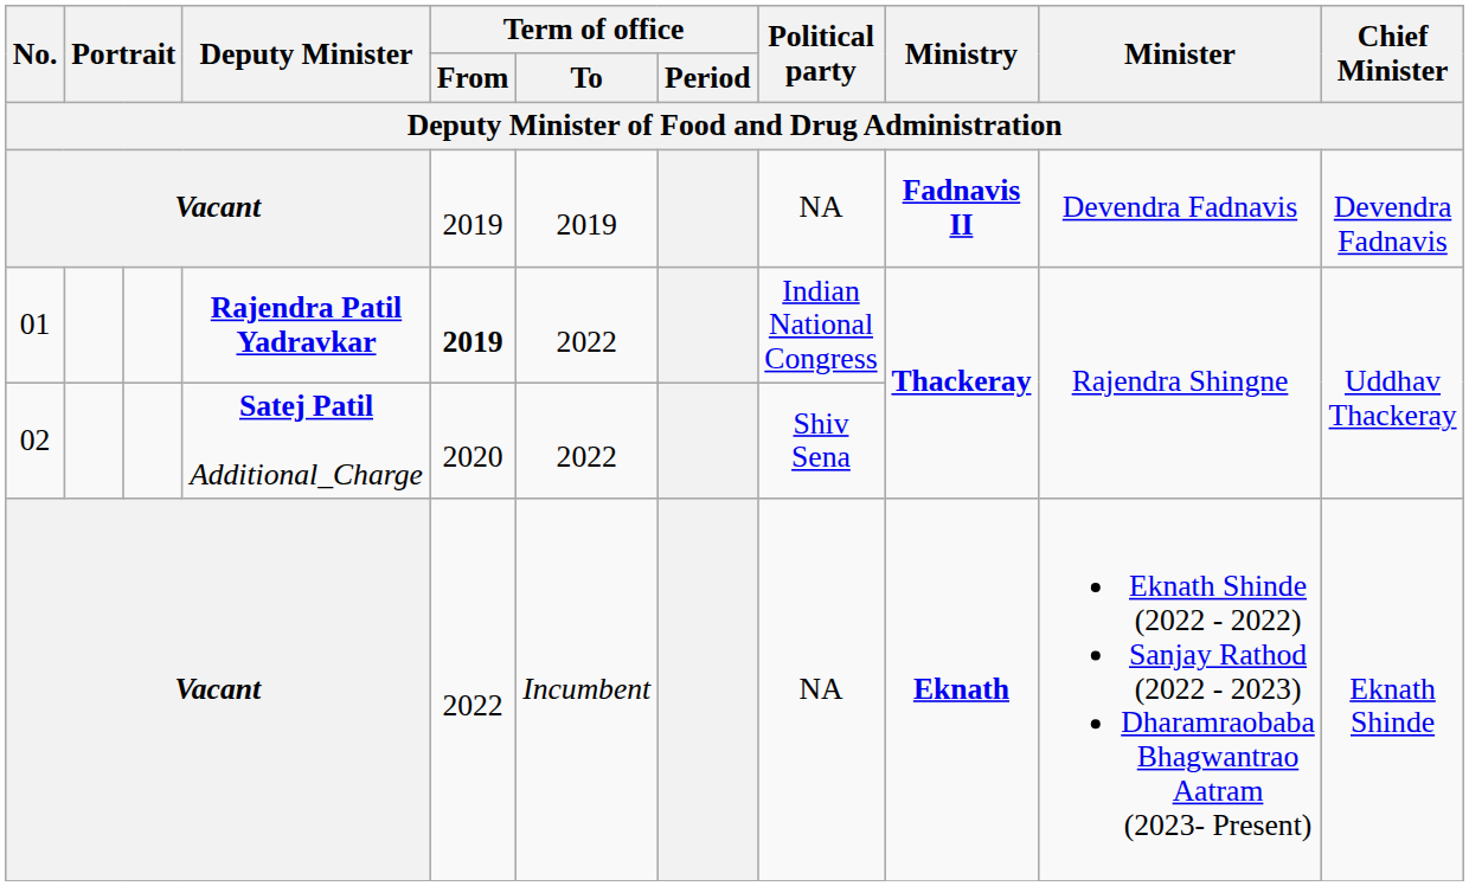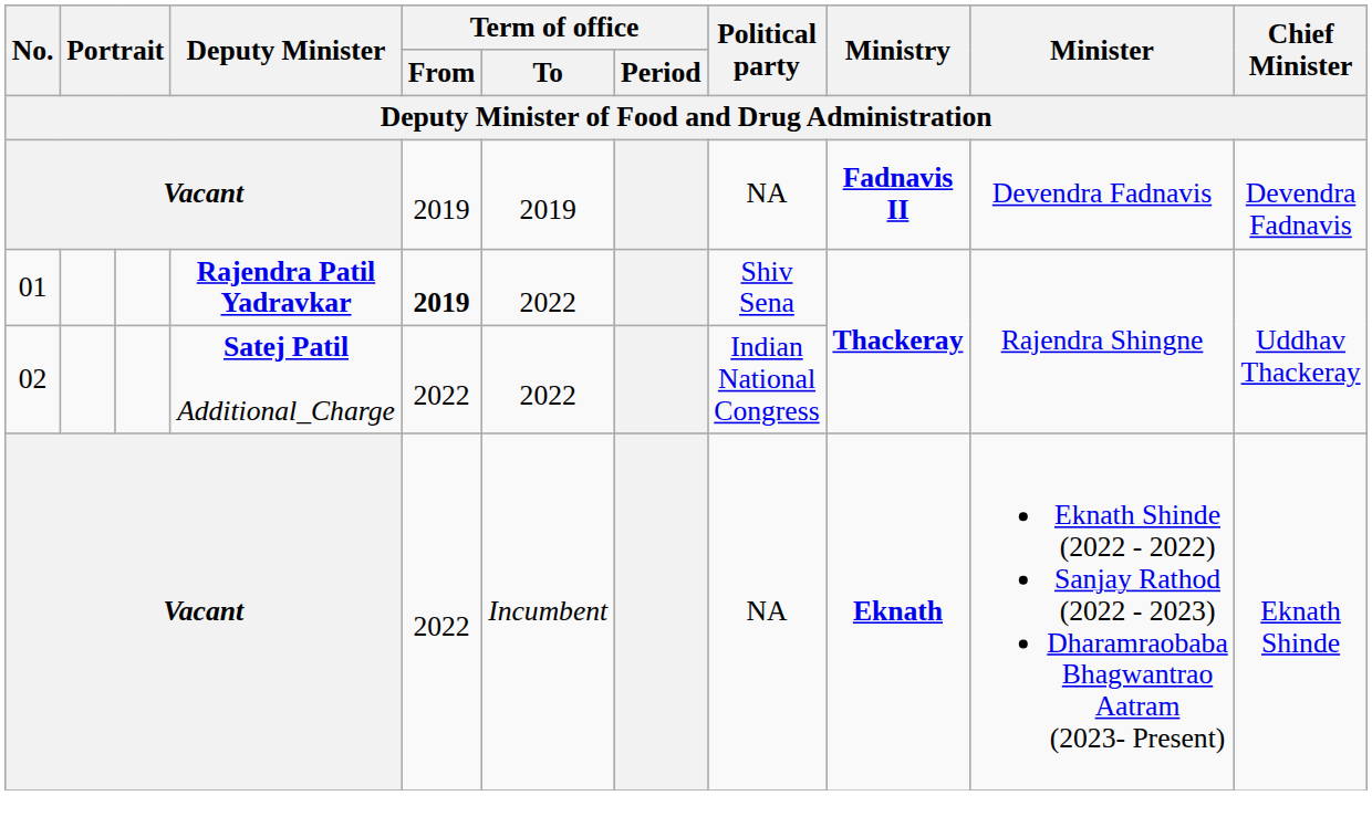 <table class="wikitable" style="text-align:center">
 <tr>
 <th rowspan="2">No.</th>
 <th rowspan="2" colspan="2">Portrait</th>
 <th rowspan="2" style="width:16em">Deputy Minister<br></th>
 <th colspan="3">Term of office</th>
 <th rowspan="2" style="width:8em">Political party</th>
 <th rowspan="2">Ministry</th>
 <th rowspan="2" style="width:9em">Minister</th>
 <th rowspan="2" style="width:9em">Chief Minister</th>
 </tr>
 <tr>
 <th style="width:6em">From</th>
 <th style="width:6em">To</th>
 <th>Period</th>
 </tr>
 <tr>
 <th colspan="11">Deputy Minister of Food and Drug Administration</th>
 </tr>
 <tr>
 <th colspan="04"><strong><em> Vacant</em></strong></th>
 <td><br>2019</td>
 <td><br>2019</td>
 <th></th>
 <td>NA</td>
 <td rowspan="1"><a href='#'><strong>Fadnavis II</strong></a></td>
 <td><a href='#'>Devendra Fadnavis</a></td>
 <td rowspan="1"> <br><a href='#'>Devendra Fadnavis</a></td>
 </tr>
 <tr>
 <td>01</td>
 <td style="color:inherit;background:"></td>
 <td></td>
 <td><strong><a href='#'>Rajendra Patil Yadravkar</a></strong> <br> </td>
 <td><strong><br>2019</strong></td>
 <td><br>2022</td>
 <th></th>
-<td><a href='#'>Indian National Congress</a></td>
+<td><a href='#'>Shiv Sena</a></td>
 <td rowspan="2"><a href='#'><strong>Thackeray</strong></a></td>
 <td rowspan="2"><a href='#'>Rajendra Shingne</a></td>
 <td rowspan="2"> <br><a href='#'>Uddhav Thackeray</a></td>
 </tr>
 <tr>
 <td>02</td>
 <td style="color:inherit;background:"></td>
 <td></td>
 <td><strong><a href='#'>Satej Patil</a></strong> <br> <br><em>Additional_Charge</em></td>
-<td><br>2020</td>
+<td><br>2022</td>
 <td><br>2022</td>
 <th></th>
-<td><a href='#'>Shiv Sena</a></td>
+<td><a href='#'>Indian National Congress</a></td>
 </tr>
 <tr>
 <th colspan="04"><strong><em>Vacant</em></strong></th>
 <td><br>2022</td>
 <td><em>Incumbent</em></td>
 <th></th>
 <td>NA</td>
 <td rowspan="2"><a href='#'><strong>Eknath</strong></a></td>
 <td><br><ul><li><a href='#'>Eknath Shinde</a><br>(2022 - 2022)</li><li><a href='#'>Sanjay Rathod</a><br>(2022 - 2023)</li><li><a href='#'>Dharamraobaba Bhagwantrao Aatram</a><br> (2023- Present)</li></ul></td>
 <td rowspan="2"> <br><a href='#'>Eknath Shinde</a></td>
 </tr>
 <tr>
 </tr>
 </table>
